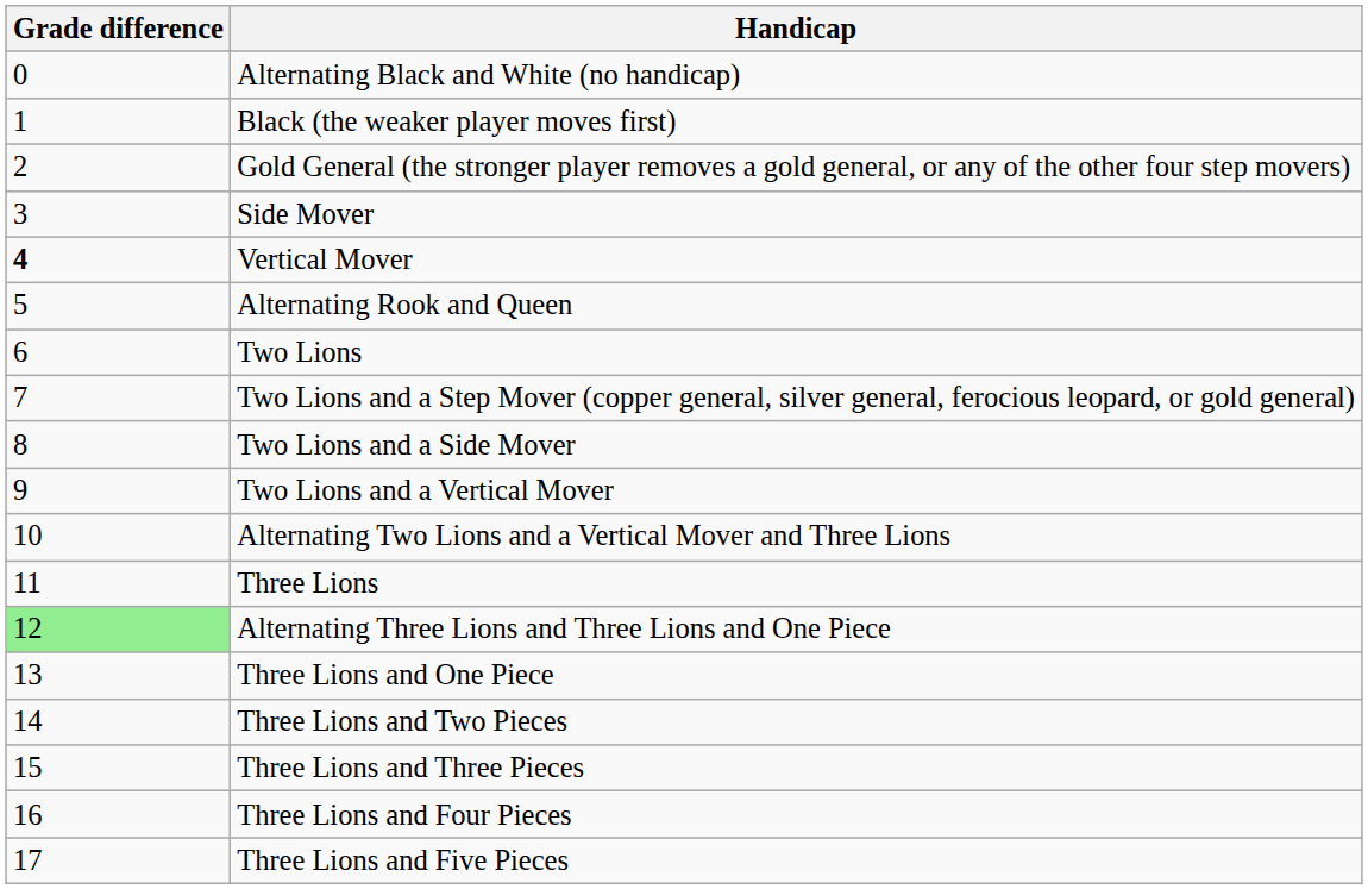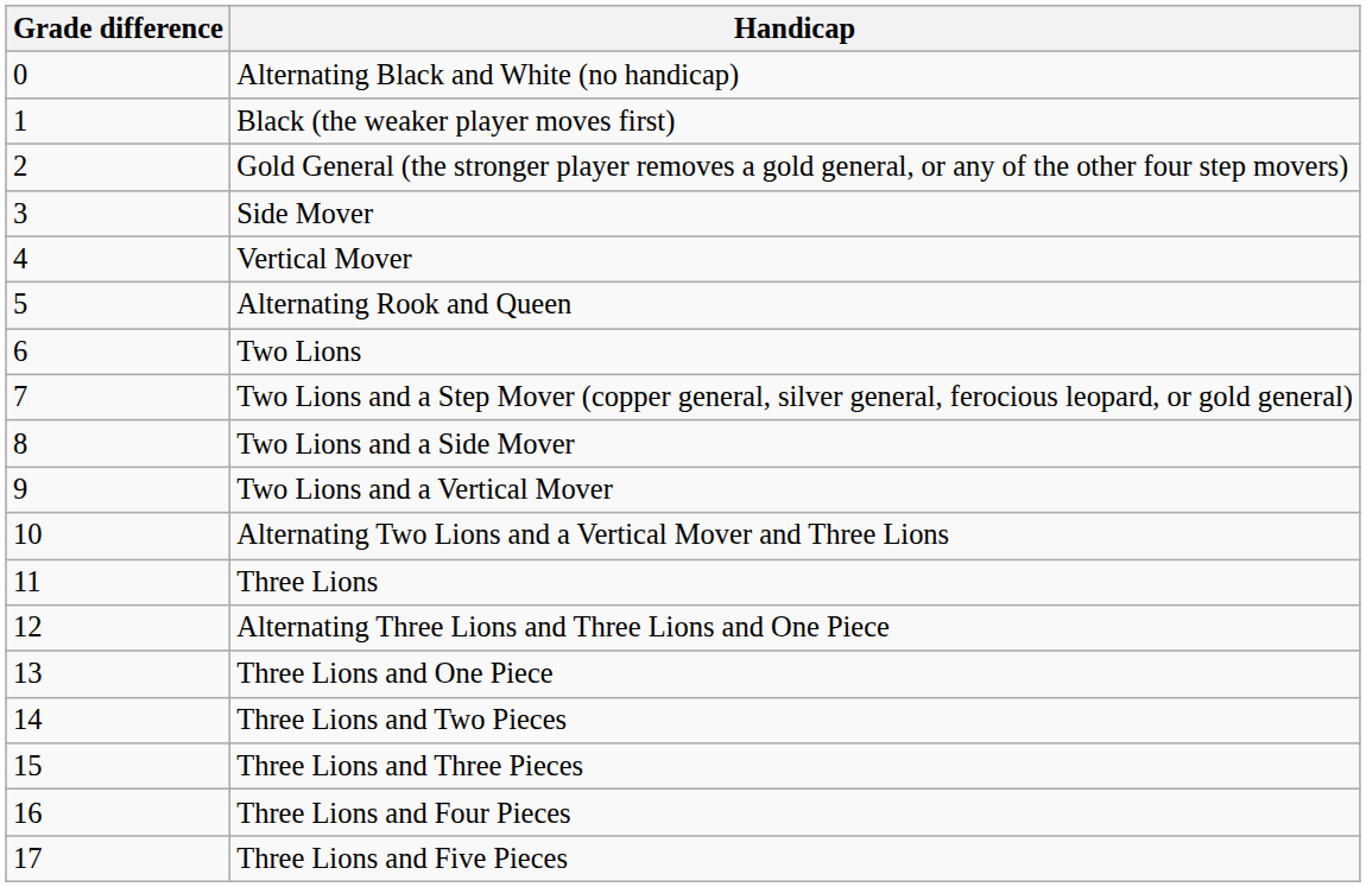 <table class="wikitable" style="margin:1em auto;">
 <tr>
 <th>Grade difference</th>
 <th>Handicap</th>
 </tr>
 <tr>
 <td>0</td>
 <td>Alternating Black and White (no handicap)</td>
 </tr>
 <tr>
 <td>1</td>
 <td>Black (the weaker player moves first)</td>
 </tr>
 <tr>
 <td>2</td>
 <td>Gold General (the stronger player removes a gold general, or any of the other four step movers)</td>
 </tr>
 <tr>
 <td>3</td>
 <td>Side Mover</td>
 </tr>
 <tr>
-<td><strong>4</strong></td>
+<td>4</td>
 <td>Vertical Mover</td>
 </tr>
 <tr>
 <td>5</td>
 <td>Alternating Rook and Queen</td>
 </tr>
 <tr>
 <td>6</td>
 <td>Two Lions</td>
 </tr>
 <tr>
 <td>7</td>
 <td>Two Lions and a Step Mover (copper general, silver general, ferocious leopard, or gold general)</td>
 </tr>
 <tr>
 <td>8</td>
 <td>Two Lions and a Side Mover</td>
 </tr>
 <tr>
 <td>9</td>
 <td>Two Lions and a Vertical Mover</td>
 </tr>
 <tr>
 <td>10</td>
 <td>Alternating Two Lions and a Vertical Mover and Three Lions</td>
 </tr>
 <tr>
 <td>11</td>
 <td>Three Lions</td>
 </tr>
 <tr>
-<td style="background: lightgreen;">12</td>
+<td>12</td>
 <td>Alternating Three Lions and Three Lions and One Piece</td>
 </tr>
 <tr>
 <td>13</td>
 <td>Three Lions and One Piece</td>
 </tr>
 <tr>
 <td>14</td>
 <td>Three Lions and Two Pieces</td>
 </tr>
 <tr>
 <td>15</td>
 <td>Three Lions and Three Pieces</td>
 </tr>
 <tr>
 <td>16</td>
 <td>Three Lions and Four Pieces</td>
 </tr>
 <tr>
 <td>17</td>
 <td>Three Lions and Five Pieces</td>
 </tr>
 </table>
